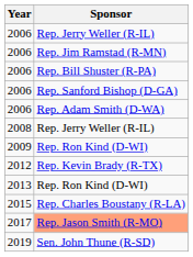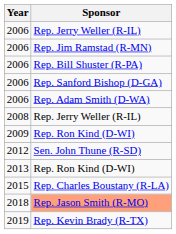 <table class="wikitable sortable">
 <tr>
 <th>Year</th>
 <th>Sponsor</th>
 </tr>
 <tr>
 <td>2006</td>
 <td><a href='#'>Rep. Jerry Weller (R-IL)</a></td>
 </tr>
 <tr>
 <td>2006</td>
 <td><a href='#'>Rep. Jim Ramstad (R-MN)</a></td>
 </tr>
 <tr>
 <td>2006</td>
 <td><a href='#'>Rep. Bill Shuster (R-PA)</a></td>
 </tr>
 <tr>
 <td>2006</td>
 <td><a href='#'>Rep. Sanford Bishop (D-GA)</a></td>
 </tr>
 <tr>
 <td>2006</td>
 <td><a href='#'>Rep. Adam Smith (D-WA)</a></td>
 </tr>
 <tr>
 <td>2008</td>
 <td>Rep. Jerry Weller (R-IL)</td>
 </tr>
 <tr>
 <td>2009</td>
 <td><a href='#'>Rep. Ron Kind (D-WI)</a></td>
 </tr>
 <tr>
 <td>2012</td>
-<td><a href='#'>Rep. Kevin Brady (R-TX)</a></td>
+<td><a href='#'>Sen. John Thune (R-SD)</a></td>
 </tr>
 <tr>
 <td>2013</td>
 <td>Rep. Ron Kind (D-WI)</td>
 </tr>
 <tr>
 <td>2015</td>
 <td><a href='#'>Rep. Charles Boustany (R-LA)</a></td>
 </tr>
 <tr>
-<td>2017</td>
+<td>2018</td>
 <td style="background: lightsalmon;"><a href='#'>Rep. Jason Smith (R-MO)</a></td>
 </tr>
 <tr>
 <td>2019</td>
-<td><a href='#'>Sen. John Thune (R-SD)</a></td>
+<td><a href='#'>Rep. Kevin Brady (R-TX)</a></td>
 </tr>
 </table>
